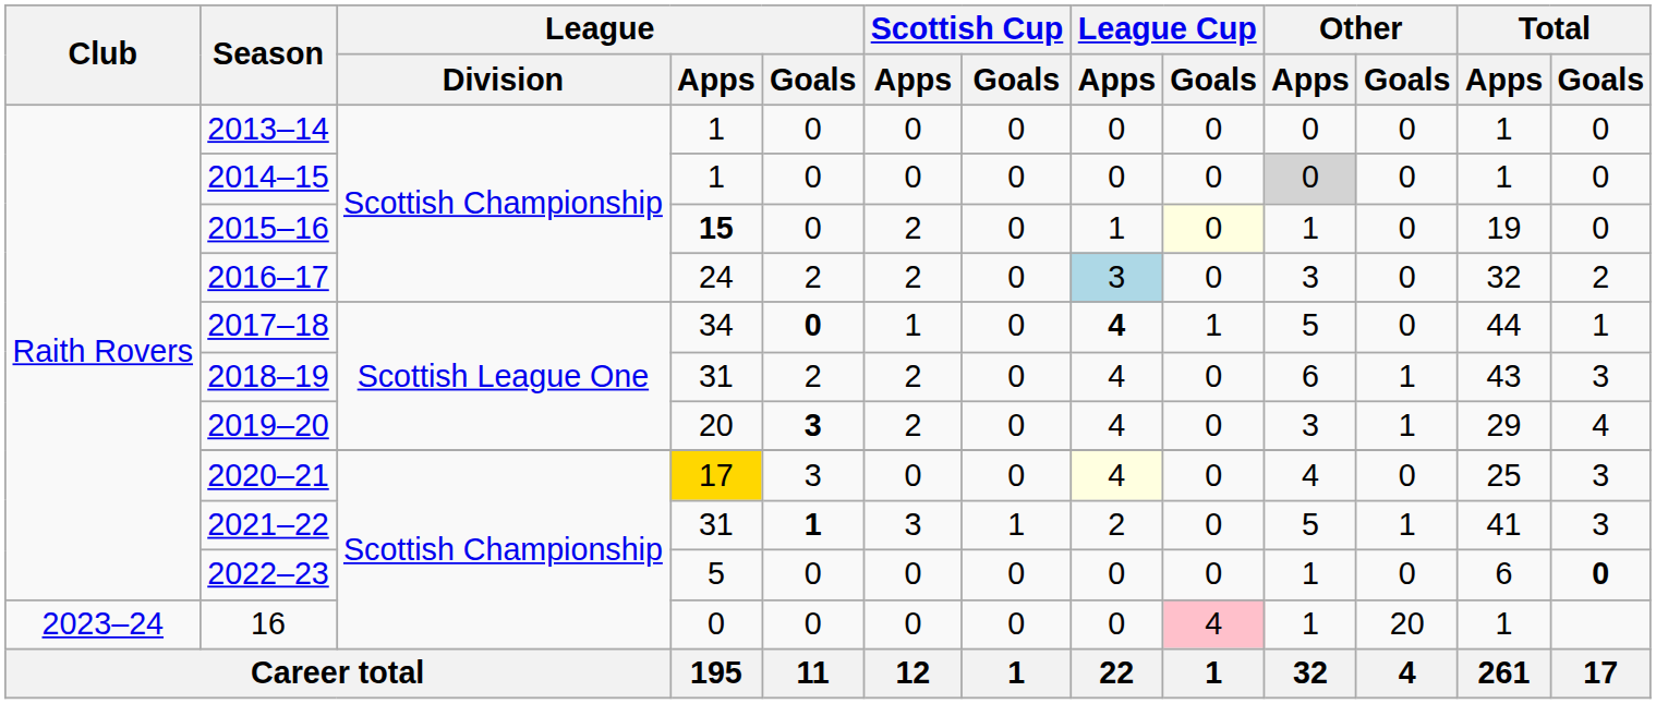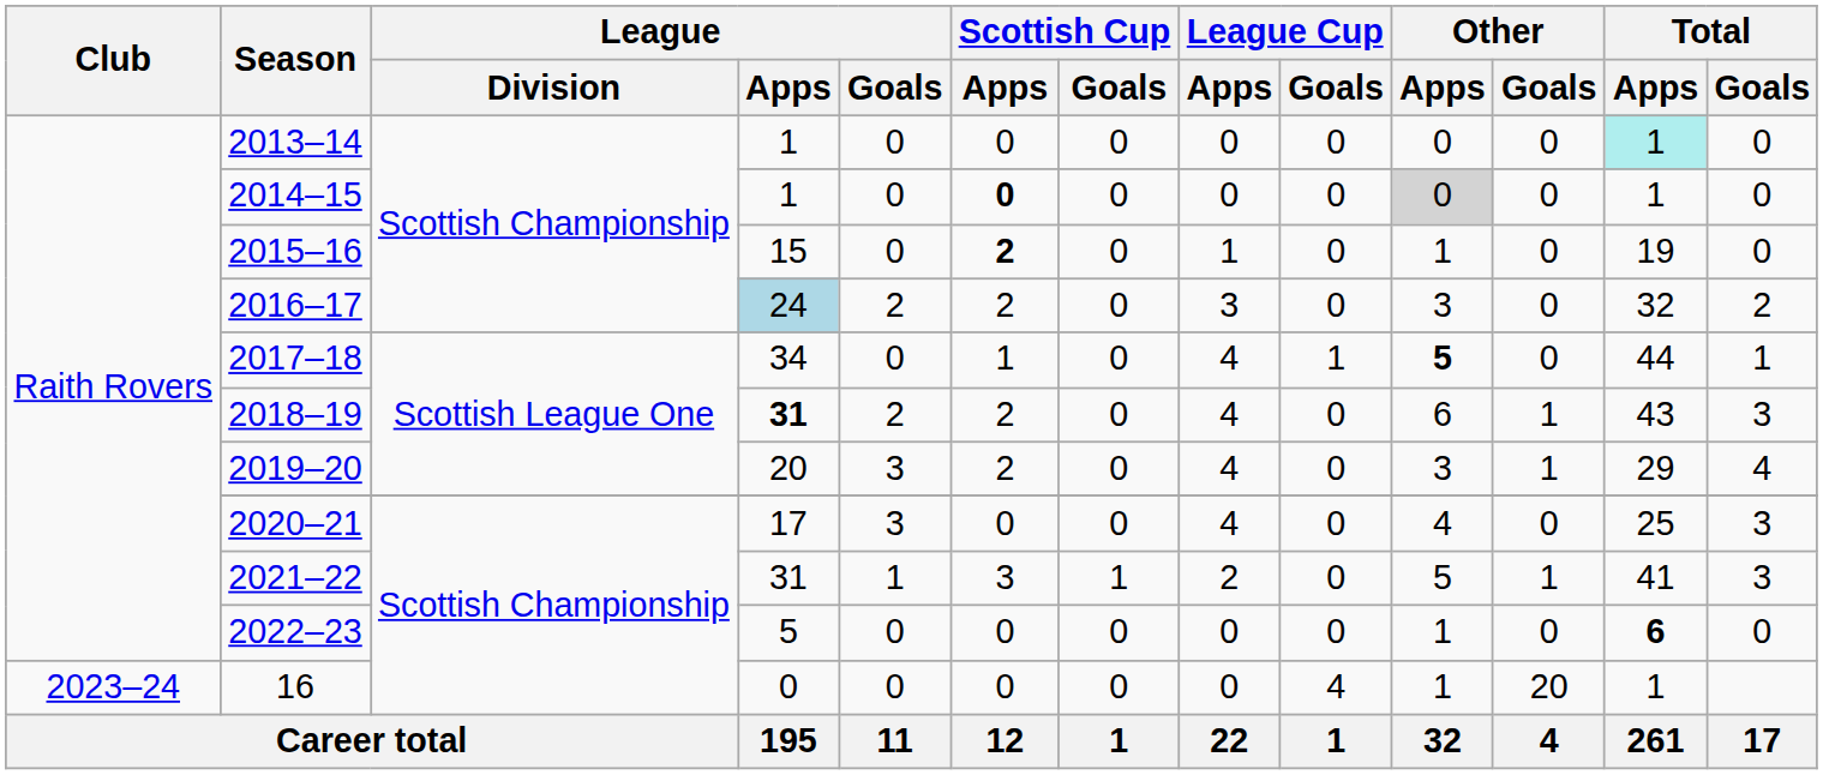 <table class="wikitable" style="text-align:center">
 <tr>
 <th rowspan="2">Club</th>
 <th rowspan="2">Season</th>
 <th colspan="3">League</th>
 <th colspan="2"><a href='#'>Scottish Cup</a></th>
 <th colspan="2"><a href='#'>League Cup</a></th>
 <th colspan="2">Other</th>
 <th colspan="2">Total</th>
 </tr>
 <tr>
 <th>Division</th>
 <th>Apps</th>
 <th>Goals</th>
 <th>Apps</th>
 <th>Goals</th>
 <th>Apps</th>
 <th>Goals</th>
 <th>Apps</th>
 <th>Goals</th>
 <th>Apps</th>
 <th>Goals</th>
 </tr>
 <tr>
 <td rowspan="11"><a href='#'>Raith Rovers</a></td>
 <td><a href='#'>2013–14</a></td>
 <td rowspan="4"><a href='#'>Scottish Championship</a></td>
 <td>1</td>
 <td>0</td>
 <td>0</td>
 <td>0</td>
 <td>0</td>
 <td>0</td>
 <td>0</td>
 <td>0</td>
-<td>1</td>
+<td style="background: paleturquoise;">1</td>
 <td>0</td>
 </tr>
 <tr>
 <td><a href='#'>2014–15</a></td>
 <td>1</td>
 <td>0</td>
-<td>0</td>
+<td><strong>0</strong></td>
 <td>0</td>
 <td>0</td>
 <td>0</td>
 <td style="background: lightgrey;">0</td>
 <td>0</td>
 <td>1</td>
 <td>0</td>
 </tr>
 <tr>
 <td><a href='#'>2015–16</a></td>
-<td><strong>15</strong></td>
+<td>15</td>
 <td>0</td>
-<td>2</td>
+<td><strong>2</strong></td>
 <td>0</td>
 <td>1</td>
-<td style="background: lightyellow;">0</td>
+<td>0</td>
 <td>1</td>
 <td>0</td>
 <td>19</td>
 <td>0</td>
 </tr>
 <tr>
 <td><a href='#'>2016–17</a></td>
-<td>24</td>
+<td style="background: lightblue;">24</td>
 <td>2</td>
 <td>2</td>
 <td>0</td>
-<td style="background: lightblue;">3</td>
+<td>3</td>
 <td>0</td>
 <td>3</td>
 <td>0</td>
 <td>32</td>
 <td>2</td>
 </tr>
 <tr>
 <td><a href='#'>2017–18</a></td>
 <td rowspan=3><a href='#'>Scottish League One</a></td>
 <td>34</td>
-<td><strong>0</strong></td>
+<td>0</td>
 <td>1</td>
 <td>0</td>
-<td><strong>4</strong></td>
+<td>4</td>
 <td>1</td>
-<td>5</td>
+<td><strong>5</strong></td>
 <td>0</td>
 <td>44</td>
 <td>1</td>
 </tr>
 <tr>
 <td><a href='#'>2018–19</a></td>
-<td>31</td>
+<td><strong>31</strong></td>
 <td>2</td>
 <td>2</td>
 <td>0</td>
 <td>4</td>
 <td>0</td>
 <td>6</td>
 <td>1</td>
 <td>43</td>
 <td>3</td>
 </tr>
 <tr>
 <td><a href='#'>2019–20</a></td>
 <td>20</td>
-<td><strong>3</strong></td>
+<td>3</td>
 <td>2</td>
 <td>0</td>
 <td>4</td>
 <td>0</td>
 <td>3</td>
 <td>1</td>
 <td>29</td>
 <td>4</td>
 </tr>
 <tr>
 </tr>
 <tr>
 <td><a href='#'>2020–21</a></td>
 <td rowspan=4><a href='#'>Scottish Championship</a></td>
-<td style="background: gold;">17</td>
+<td>17</td>
 <td>3</td>
 <td>0</td>
 <td>0</td>
-<td style="background: lightyellow;">4</td>
+<td>4</td>
 <td>0</td>
 <td>4</td>
 <td>0</td>
 <td>25</td>
 <td>3</td>
 </tr>
 <tr>
 <td><a href='#'>2021–22</a></td>
 <td>31</td>
-<td><strong>1</strong></td>
+<td>1</td>
 <td>3</td>
 <td>1</td>
 <td>2</td>
 <td>0</td>
 <td>5</td>
 <td>1</td>
 <td>41</td>
 <td>3</td>
 </tr>
 <tr>
 <td><a href='#'>2022–23</a></td>
 <td>5</td>
 <td>0</td>
 <td>0</td>
 <td>0</td>
 <td>0</td>
 <td>0</td>
 <td>1</td>
 <td>0</td>
-<td>6</td>
-<td><strong>0</strong></td>
+<td><strong>6</strong></td>
+<td>0</td>
 </tr>
 <tr>
 <td><a href='#'>2023–24</a></td>
 <td>16</td>
 <td>0</td>
 <td>0</td>
 <td>0</td>
 <td>0</td>
 <td>0</td>
-<td style="background: pink;">4</td>
+<td>4</td>
 <td>1</td>
 <td>20</td>
 <td>1</td>
 </tr>
 <tr>
 <th colspan="3">Career total</th>
 <th>195</th>
 <th>11</th>
 <th>12</th>
 <th>1</th>
 <th>22</th>
 <th>1</th>
 <th>32</th>
 <th>4</th>
 <th>261</th>
 <th>17</th>
 </tr>
 </table>
